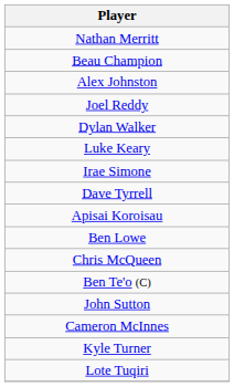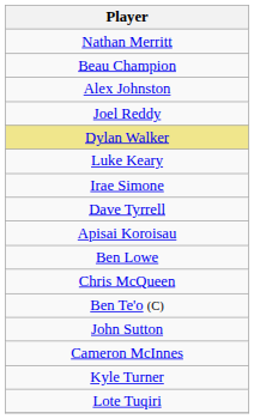 <table class="wikitable" style="text-align: center;">
 <tr>
 <th style="width:250px;">Player</th>
 </tr>
 <tr>
 <td><a href='#'>Nathan Merritt</a></td>
 </tr>
 <tr>
 <td><a href='#'>Beau Champion</a></td>
 </tr>
 <tr>
 <td><a href='#'>Alex Johnston</a></td>
 </tr>
 <tr>
 <td><a href='#'>Joel Reddy</a></td>
 </tr>
 <tr>
-<td><a href='#'>Dylan Walker</a></td>
+<td style="background: khaki;"><a href='#'>Dylan Walker</a></td>
 </tr>
 <tr>
 <td><a href='#'>Luke Keary</a></td>
 </tr>
 <tr>
 <td><a href='#'>Irae Simone</a></td>
 </tr>
 <tr>
 <td><a href='#'>Dave Tyrrell</a></td>
 </tr>
 <tr>
 <td><a href='#'>Apisai Koroisau</a></td>
 </tr>
 <tr>
 <td><a href='#'>Ben Lowe</a></td>
 </tr>
 <tr>
 <td><a href='#'>Chris McQueen</a></td>
 </tr>
 <tr>
 <td><a href='#'>Ben Te'o</a> <small>(C)</small></td>
 </tr>
 <tr>
 <td><a href='#'>John Sutton</a></td>
 </tr>
 <tr>
 <td><a href='#'>Cameron McInnes</a></td>
 </tr>
 <tr>
 <td><a href='#'>Kyle Turner</a></td>
 </tr>
 <tr>
 <td><a href='#'>Lote Tuqiri</a></td>
 </tr>
 <tr>
 </tr>
 </table>
